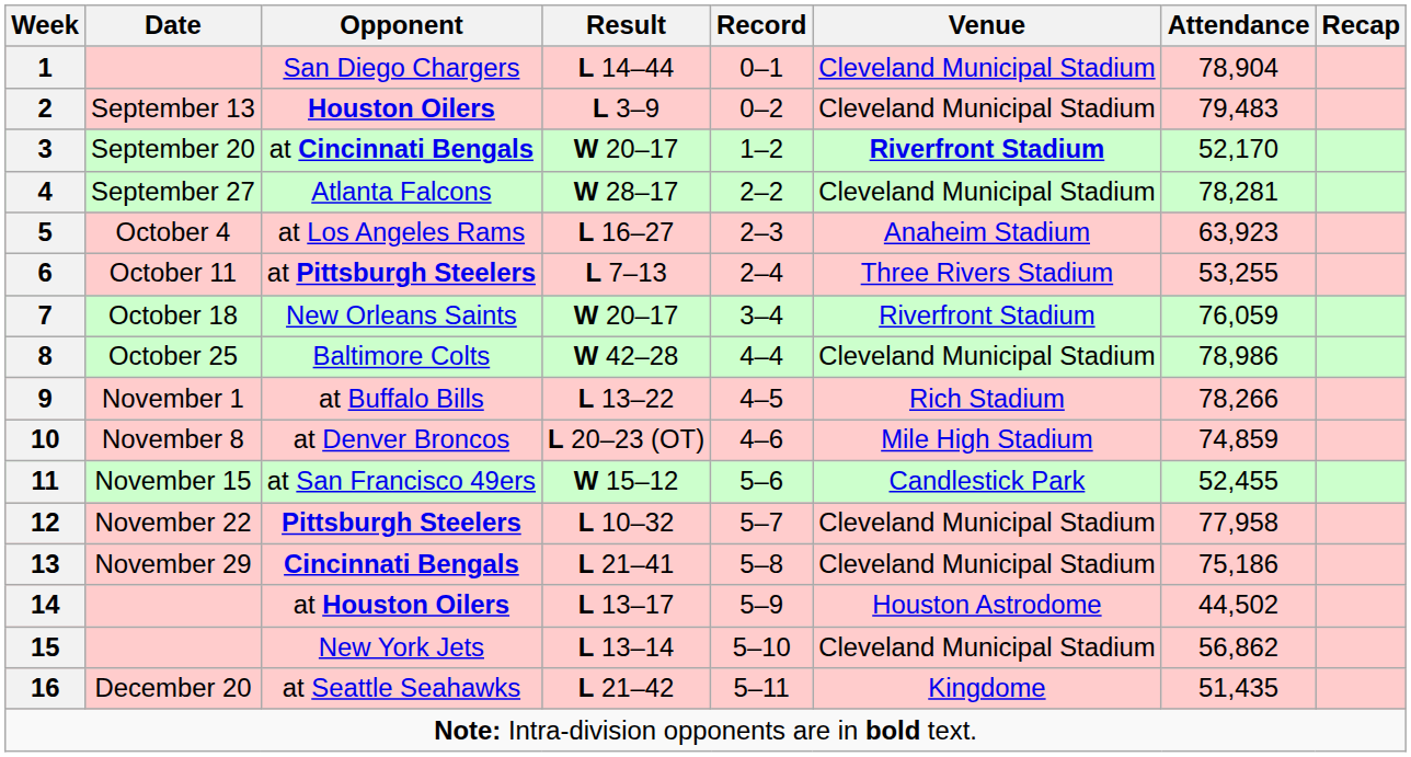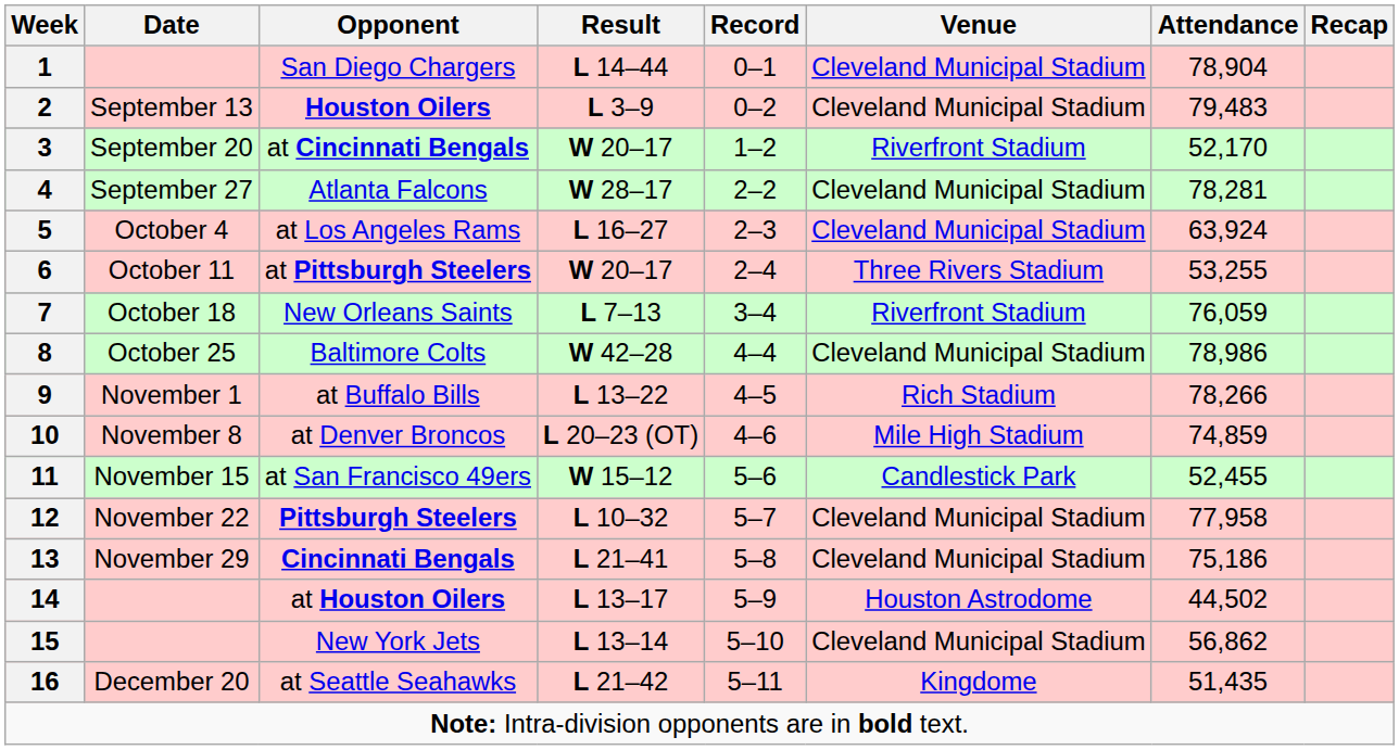 <table class="wikitable" style="text-align:center">
 <tr>
 <th>Week</th>
 <th>Date</th>
 <th>Opponent</th>
 <th>Result</th>
 <th>Record</th>
 <th>Venue</th>
 <th>Attendance</th>
 <th>Recap</th>
 </tr>
 <tr style="background:#fcc">
 <th>1</th>
 <td></td>
 <td><a href='#'>San Diego Chargers</a></td>
 <td><strong>L</strong> 14–44</td>
 <td>0–1</td>
 <td><a href='#'>Cleveland Municipal Stadium</a></td>
 <td>78,904</td>
 <td></td>
 </tr>
 <tr style="background:#fcc">
 <th>2</th>
 <td>September 13</td>
 <td><strong><a href='#'>Houston Oilers</a></strong></td>
 <td><strong>L</strong> 3–9</td>
 <td>0–2</td>
 <td>Cleveland Municipal Stadium</td>
 <td>79,483</td>
 <td></td>
 </tr>
 <tr style="background:#cfc">
 <th>3</th>
 <td>September 20</td>
 <td>at <strong><a href='#'>Cincinnati Bengals</a></strong></td>
 <td><strong>W</strong> 20–17</td>
 <td>1–2</td>
-<td><strong><a href='#'>Riverfront Stadium</a></strong></td>
+<td><a href='#'>Riverfront Stadium</a></td>
 <td>52,170</td>
 <td></td>
 </tr>
 <tr style="background:#cfc">
 <th>4</th>
 <td>September 27</td>
 <td><a href='#'>Atlanta Falcons</a></td>
 <td><strong>W</strong> 28–17</td>
 <td>2–2</td>
 <td>Cleveland Municipal Stadium</td>
 <td>78,281</td>
 <td></td>
 </tr>
 <tr style="background:#fcc">
 <th>5</th>
 <td>October 4</td>
 <td>at <a href='#'>Los Angeles Rams</a></td>
 <td><strong>L</strong> 16–27</td>
 <td>2–3</td>
-<td><a href='#'>Anaheim Stadium</a></td>
-<td>63,923</td>
+<td><a href='#'>Cleveland Municipal Stadium</a></td>
+<td>63,924</td>
 <td></td>
 </tr>
 <tr style="background:#fcc">
 <th>6</th>
 <td>October 11</td>
 <td>at <strong><a href='#'>Pittsburgh Steelers</a></strong></td>
-<td><strong>L</strong> 7–13</td>
+<td><strong>W</strong> 20–17</td>
 <td>2–4</td>
 <td><a href='#'>Three Rivers Stadium</a></td>
 <td>53,255</td>
 <td></td>
 </tr>
 <tr style="background:#cfc">
 <th>7</th>
 <td>October 18</td>
 <td><a href='#'>New Orleans Saints</a></td>
-<td><strong>W</strong> 20–17</td>
+<td><strong>L</strong> 7–13</td>
 <td>3–4</td>
 <td><a href='#'>Riverfront Stadium</a></td>
 <td>76,059</td>
 <td></td>
 </tr>
 <tr style="background:#cfc">
 <th>8</th>
 <td>October 25</td>
 <td><a href='#'>Baltimore Colts</a></td>
 <td><strong>W</strong> 42–28</td>
 <td>4–4</td>
 <td>Cleveland Municipal Stadium</td>
 <td>78,986</td>
 <td></td>
 </tr>
 <tr style="background:#fcc">
 <th>9</th>
 <td>November 1</td>
 <td>at <a href='#'>Buffalo Bills</a></td>
 <td><strong>L</strong> 13–22</td>
 <td>4–5</td>
 <td><a href='#'>Rich Stadium</a></td>
 <td>78,266</td>
 <td></td>
 </tr>
 <tr style="background:#fcc">
 <th>10</th>
 <td>November 8</td>
 <td>at <a href='#'>Denver Broncos</a></td>
 <td><strong>L</strong> 20–23 (OT)</td>
 <td>4–6</td>
 <td><a href='#'>Mile High Stadium</a></td>
 <td>74,859</td>
 <td></td>
 </tr>
 <tr style="background:#cfc">
 <th>11</th>
 <td>November 15</td>
 <td>at <a href='#'>San Francisco 49ers</a></td>
 <td><strong>W</strong> 15–12</td>
 <td>5–6</td>
 <td><a href='#'>Candlestick Park</a></td>
 <td>52,455</td>
 <td></td>
 </tr>
 <tr style="background:#fcc">
 <th>12</th>
 <td>November 22</td>
 <td><strong><a href='#'>Pittsburgh Steelers</a></strong></td>
 <td><strong>L</strong> 10–32</td>
 <td>5–7</td>
 <td>Cleveland Municipal Stadium</td>
 <td>77,958</td>
 <td></td>
 </tr>
 <tr style="background:#fcc">
 <th>13</th>
 <td>November 29</td>
 <td><strong><a href='#'>Cincinnati Bengals</a></strong></td>
 <td><strong>L</strong> 21–41</td>
 <td>5–8</td>
 <td>Cleveland Municipal Stadium</td>
 <td>75,186</td>
 <td></td>
 </tr>
 <tr style="background:#fcc">
 <th>14</th>
 <td></td>
 <td>at <strong><a href='#'>Houston Oilers</a></strong></td>
 <td><strong>L</strong> 13–17</td>
 <td>5–9</td>
 <td><a href='#'>Houston Astrodome</a></td>
 <td>44,502</td>
 <td></td>
 </tr>
 <tr style="background:#fcc">
 <th>15</th>
 <td></td>
 <td><a href='#'>New York Jets</a></td>
 <td><strong>L</strong> 13–14</td>
 <td>5–10</td>
 <td>Cleveland Municipal Stadium</td>
 <td>56,862</td>
 <td></td>
 </tr>
 <tr style="background:#fcc">
 <th>16</th>
 <td>December 20</td>
 <td>at <a href='#'>Seattle Seahawks</a></td>
 <td><strong>L</strong> 21–42</td>
 <td>5–11</td>
 <td><a href='#'>Kingdome</a></td>
 <td>51,435</td>
 <td></td>
 </tr>
 <tr>
 <td colspan="8"><strong>Note:</strong> Intra-division opponents are in <strong>bold</strong> text.</td>
 </tr>
 </table>
